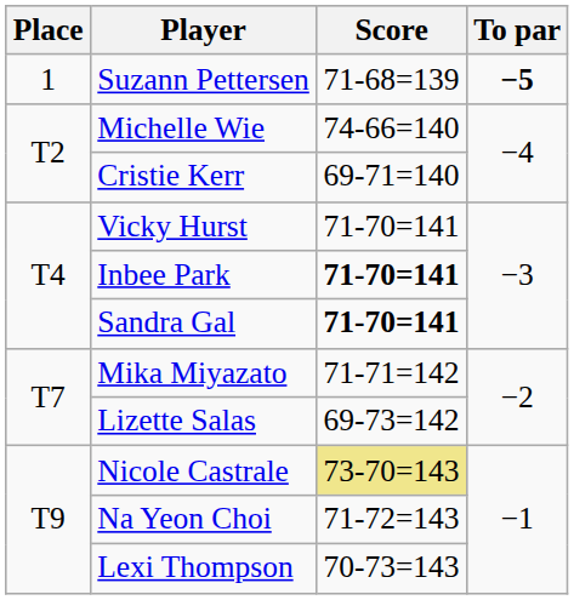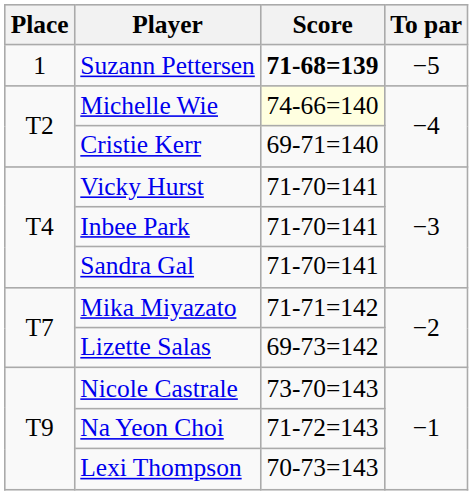 <table class="wikitable">
 <tr>
 <th>Place</th>
 <th>Player</th>
 <th>Score</th>
 <th>To par</th>
 </tr>
 <tr>
 <td align=center>1</td>
 <td> <a href='#'>Suzann Pettersen</a></td>
-<td>71-68=139</td>
-<td align=center><strong>−5</strong></td>
+<td><strong>71-68=139</strong></td>
+<td align=center>−5</td>
 </tr>
 <tr>
 <td align=center rowspan=2>T2</td>
 <td> <a href='#'>Michelle Wie</a></td>
-<td>74-66=140</td>
+<td style="background: lightyellow;">74-66=140</td>
 <td align=center rowspan=2>−4</td>
 </tr>
 <tr>
 <td> <a href='#'>Cristie Kerr</a></td>
 <td>69-71=140</td>
 </tr>
 <tr>
 <td align=center rowspan=3>T4</td>
 <td> <a href='#'>Vicky Hurst</a></td>
 <td>71-70=141</td>
 <td align=center rowspan=3>−3</td>
 </tr>
 <tr>
 <td> <a href='#'>Inbee Park</a></td>
-<td><strong>71-70=141</strong></td>
+<td>71-70=141</td>
 </tr>
 <tr>
 <td> <a href='#'>Sandra Gal</a></td>
-<td><strong>71-70=141</strong></td>
+<td>71-70=141</td>
 </tr>
 <tr>
 <td align=center rowspan=2>T7</td>
 <td> <a href='#'>Mika Miyazato</a></td>
 <td>71-71=142</td>
 <td align=center rowspan=2>−2</td>
 </tr>
 <tr>
 <td> <a href='#'>Lizette Salas</a></td>
 <td>69-73=142</td>
 </tr>
 <tr>
 <td align=center rowspan=3>T9</td>
 <td> <a href='#'>Nicole Castrale</a></td>
-<td style="background: khaki;">73-70=143</td>
+<td>73-70=143</td>
 <td align=center rowspan=3>−1</td>
 </tr>
 <tr>
 <td> <a href='#'>Na Yeon Choi</a></td>
 <td>71-72=143</td>
 </tr>
 <tr>
 <td> <a href='#'>Lexi Thompson</a></td>
 <td>70-73=143</td>
 </tr>
 </table>
